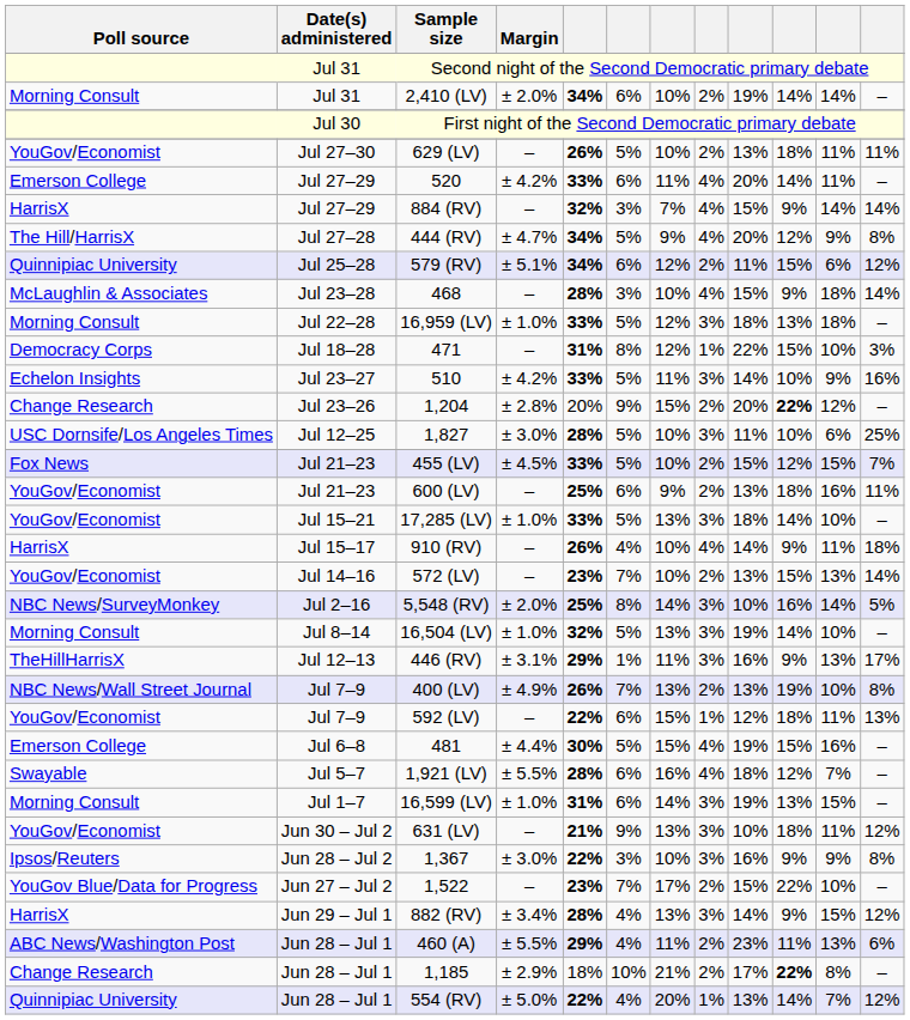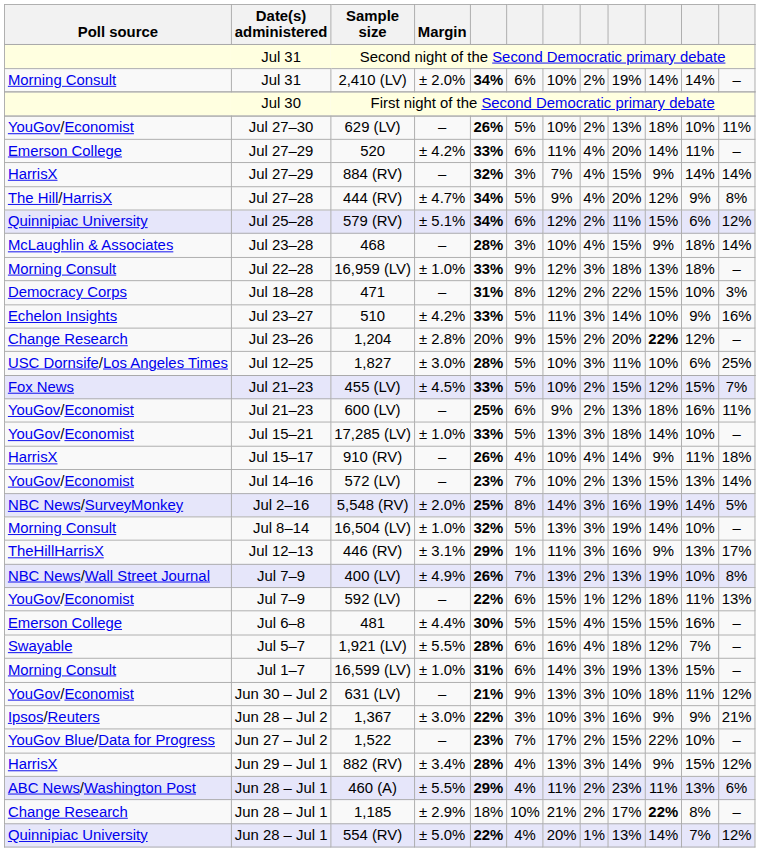 <table class="wikitable sortable" style="text-align:center;">
 <tr valign=bottom>
 <th style="background-position: right 85%;">Poll source</th>
 <th style="background-position: right 85%;">Date(s)<br>administered</th>
 <th style="background-position: right 85%;">Sample<br>size</th>
 <th style="background-position: right 85%;">Margin<br></th>
 <th></th>
 <th></th>
 <th></th>
 <th></th>
 <th></th>
 <th></th>
 <th></th>
 <th></th>
 </tr>
 <tr>
 </tr>
 <tr style="background:lightyellow;">
 <td style="border-right-style:hidden;"></td>
 <td style="border-right-style:hidden;">Jul 31</td>
 <td colspan=14>Second night of the <a href='#'>Second Democratic primary debate</a></td>
 </tr>
 <tr>
 <td style="text-align:left;"><a href='#'>Morning Consult</a></td>
 <td>Jul 31</td>
 <td>2,410 (LV)</td>
 <td>± 2.0%</td>
 <td><strong>34%</strong></td>
 <td>6%</td>
 <td>10%</td>
 <td>2%</td>
 <td>19%</td>
 <td>14%</td>
 <td>14%</td>
 <td>–</td>
 </tr>
 <tr>
 </tr>
 <tr>
 </tr>
 <tr style="background:lightyellow;">
 <td style="border-right-style:hidden;"></td>
 <td style="border-right-style:hidden;">Jul 30</td>
 <td colspan=14>First night of the <a href='#'>Second Democratic primary debate</a></td>
 </tr>
 <tr>
 </tr>
 <tr>
 <td style="text-align:left;"><a href='#'>YouGov</a>/<a href='#'>Economist</a></td>
 <td>Jul 27–30</td>
 <td>629 (LV)</td>
 <td>–</td>
 <td><strong>26%</strong></td>
 <td>5%</td>
 <td>10%</td>
 <td>2%</td>
 <td>13%</td>
 <td>18%</td>
-<td>11%</td>
+<td>10%</td>
 <td>11%</td>
 </tr>
 <tr>
 <td style="text-align:left;"><a href='#'>Emerson College</a></td>
 <td>Jul 27–29</td>
 <td>520</td>
 <td>± 4.2%</td>
 <td><strong>33%</strong></td>
 <td>6%</td>
 <td>11%</td>
 <td>4%</td>
 <td>20%</td>
 <td>14%</td>
 <td>11%</td>
 <td>–</td>
 </tr>
 <tr>
 <td style="text-align:left;"><a href='#'>HarrisX</a></td>
 <td>Jul 27–29</td>
 <td>884 (RV)</td>
 <td>–</td>
 <td><strong>32%</strong></td>
 <td>3%</td>
 <td>7%</td>
 <td>4%</td>
 <td>15%</td>
 <td>9%</td>
 <td>14%</td>
 <td>14%</td>
 </tr>
 <tr>
 <td style="text-align:left;"><a href='#'>The Hill</a>/<a href='#'>HarrisX</a></td>
 <td>Jul 27–28</td>
 <td>444 (RV)</td>
 <td>± 4.7%</td>
 <td><strong>34%</strong></td>
 <td>5%</td>
 <td>9%</td>
 <td>4%</td>
 <td>20%</td>
 <td>12%</td>
 <td>9%</td>
 <td>8%</td>
 </tr>
 <tr bgcolor=lavender>
 <td style="text-align:left;"><a href='#'>Quinnipiac University</a></td>
 <td>Jul 25–28</td>
 <td>579 (RV)</td>
 <td>± 5.1%</td>
 <td><strong>34%</strong></td>
 <td>6%</td>
 <td>12%</td>
 <td>2%</td>
 <td>11%</td>
 <td>15%</td>
 <td>6%</td>
 <td>12%</td>
 </tr>
 <tr>
 <td style="text-align:left;"><a href='#'>McLaughlin & Associates</a></td>
 <td>Jul 23–28</td>
 <td>468</td>
 <td>–</td>
 <td><strong>28%</strong></td>
 <td>3%</td>
 <td>10%</td>
 <td>4%</td>
 <td>15%</td>
 <td>9%</td>
 <td>18%</td>
 <td>14%</td>
 </tr>
 <tr>
 <td style="text-align:left;"><a href='#'>Morning Consult</a></td>
 <td>Jul 22–28</td>
 <td>16,959 (LV)</td>
 <td>± 1.0%</td>
 <td><strong>33%</strong></td>
-<td>5%</td>
+<td>9%</td>
 <td>12%</td>
 <td>3%</td>
 <td>18%</td>
 <td>13%</td>
 <td>18%</td>
 <td>–</td>
 </tr>
 <tr>
 <td style="text-align:left;"><a href='#'>Democracy Corps</a></td>
 <td>Jul 18–28</td>
 <td>471</td>
 <td>–</td>
 <td><strong>31%</strong></td>
 <td>8%</td>
 <td>12%</td>
-<td>1%</td>
+<td>2%</td>
 <td>22%</td>
 <td>15%</td>
 <td>10%</td>
 <td>3%</td>
 </tr>
 <tr>
 <td style="text-align:left;"><a href='#'>Echelon Insights</a></td>
 <td>Jul 23–27</td>
 <td>510</td>
 <td>± 4.2%</td>
 <td><strong>33%</strong></td>
 <td>5%</td>
 <td>11%</td>
 <td>3%</td>
 <td>14%</td>
 <td>10%</td>
 <td>9%</td>
 <td>16%</td>
 </tr>
 <tr>
 <td style="text-align:left;"><a href='#'>Change Research</a></td>
 <td>Jul 23–26</td>
 <td>1,204</td>
 <td>± 2.8%</td>
 <td>20%</td>
 <td>9%</td>
 <td>15%</td>
 <td>2%</td>
 <td>20%</td>
 <td><strong>22%</strong></td>
 <td>12%</td>
 <td>–</td>
 </tr>
 <tr>
 <td style="text-align:left;"><a href='#'>USC Dornsife</a>/<a href='#'>Los Angeles Times</a></td>
 <td>Jul 12–25</td>
 <td>1,827</td>
 <td>± 3.0%</td>
 <td><strong>28%</strong></td>
 <td>5%</td>
 <td>10%</td>
 <td>3%</td>
 <td>11%</td>
 <td>10%</td>
 <td>6%</td>
 <td>25%</td>
 </tr>
 <tr>
 </tr>
 <tr bgcolor=lavender>
 <td style="text-align:left;"><a href='#'>Fox News</a></td>
 <td>Jul 21–23</td>
 <td>455 (LV)</td>
 <td>± 4.5%</td>
 <td><strong>33%</strong></td>
 <td>5%</td>
 <td>10%</td>
 <td>2%</td>
 <td>15%</td>
 <td>12%</td>
 <td>15%</td>
 <td>7%</td>
 </tr>
 <tr>
 <td style="text-align:left;"><a href='#'>YouGov</a>/<a href='#'>Economist</a></td>
 <td>Jul 21–23</td>
 <td>600 (LV)</td>
 <td>–</td>
 <td><strong>25%</strong></td>
 <td>6%</td>
 <td>9%</td>
 <td>2%</td>
 <td>13%</td>
 <td>18%</td>
 <td>16%</td>
 <td>11%</td>
 </tr>
 <tr>
 <td style="text-align:left;"><a href='#'>YouGov</a>/<a href='#'>Economist</a></td>
 <td>Jul 15–21</td>
 <td>17,285 (LV)</td>
 <td>± 1.0%</td>
 <td><strong>33%</strong></td>
 <td>5%</td>
 <td>13%</td>
 <td>3%</td>
 <td>18%</td>
 <td>14%</td>
 <td>10%</td>
 <td>–</td>
 </tr>
 <tr>
 <td style="text-align:left;"><a href='#'>HarrisX</a></td>
 <td>Jul 15–17</td>
 <td>910 (RV)</td>
 <td>–</td>
 <td><strong>26%</strong></td>
 <td>4%</td>
 <td>10%</td>
 <td>4%</td>
 <td>14%</td>
 <td>9%</td>
 <td>11%</td>
 <td>18%</td>
 </tr>
 <tr>
 <td style="text-align:left;"><a href='#'>YouGov</a>/<a href='#'>Economist</a></td>
 <td>Jul 14–16</td>
 <td>572 (LV)</td>
 <td>–</td>
 <td><strong>23%</strong></td>
 <td>7%</td>
 <td>10%</td>
 <td>2%</td>
 <td>13%</td>
 <td>15%</td>
 <td>13%</td>
 <td>14%</td>
 </tr>
 <tr bgcolor=lavender>
 <td style="text-align:left;"><a href='#'>NBC News</a>/<a href='#'>SurveyMonkey</a></td>
 <td>Jul 2–16</td>
 <td>5,548 (RV)</td>
 <td>± 2.0%</td>
 <td><strong>25%</strong></td>
 <td>8%</td>
 <td>14%</td>
 <td>3%</td>
-<td>10%</td>
 <td>16%</td>
+<td>19%</td>
 <td>14%</td>
 <td>5%</td>
 </tr>
 <tr>
 <td style="text-align:left;"><a href='#'>Morning Consult</a></td>
 <td>Jul 8–14</td>
 <td>16,504 (LV)</td>
 <td>± 1.0%</td>
 <td><strong>32%</strong></td>
 <td>5%</td>
 <td>13%</td>
 <td>3%</td>
 <td>19%</td>
 <td>14%</td>
 <td>10%</td>
 <td>–</td>
 </tr>
 <tr>
 <td style="text-align:left;"><a href='#'>TheHillHarrisX</a></td>
 <td>Jul 12–13</td>
 <td>446 (RV)</td>
 <td>± 3.1%</td>
 <td><strong>29%</strong></td>
 <td>1%</td>
 <td>11%</td>
 <td>3%</td>
 <td>16%</td>
 <td>9%</td>
 <td>13%</td>
 <td>17%</td>
 </tr>
 <tr bgcolor=lavender>
 <td style="text-align:left;"><a href='#'>NBC News</a>/<a href='#'>Wall Street Journal</a></td>
 <td>Jul 7–9</td>
 <td>400 (LV)</td>
 <td>± 4.9%</td>
 <td><strong>26%</strong></td>
 <td>7%</td>
 <td>13%</td>
 <td>2%</td>
 <td>13%</td>
 <td>19%</td>
 <td>10%</td>
 <td>8%</td>
 </tr>
 <tr>
 <td style="text-align:left;"><a href='#'>YouGov</a>/<a href='#'>Economist</a></td>
 <td>Jul 7–9</td>
 <td>592 (LV)</td>
 <td>–</td>
 <td><strong>22%</strong></td>
 <td>6%</td>
 <td>15%</td>
 <td>1%</td>
 <td>12%</td>
 <td>18%</td>
 <td>11%</td>
 <td>13%</td>
 </tr>
 <tr>
 <td style="text-align:left;"><a href='#'>Emerson College</a></td>
 <td>Jul 6–8</td>
 <td>481</td>
 <td>± 4.4%</td>
 <td><strong>30%</strong></td>
 <td>5%</td>
 <td>15%</td>
 <td>4%</td>
-<td>19%</td>
+<td>15%</td>
 <td>15%</td>
 <td>16%</td>
 <td>–</td>
 </tr>
 <tr>
 <td style="text-align:left;"><a href='#'>Swayable</a></td>
 <td>Jul 5–7</td>
 <td>1,921 (LV)</td>
 <td>± 5.5%</td>
 <td><strong>28%</strong></td>
 <td>6%</td>
 <td>16%</td>
 <td>4%</td>
 <td>18%</td>
 <td>12%</td>
 <td>7%</td>
 <td>–</td>
 </tr>
 <tr>
 <td style="text-align:left;"><a href='#'>Morning Consult</a></td>
 <td>Jul 1–7</td>
 <td>16,599 (LV)</td>
 <td>± 1.0%</td>
 <td><strong>31%</strong></td>
 <td>6%</td>
 <td>14%</td>
 <td>3%</td>
 <td>19%</td>
 <td>13%</td>
 <td>15%</td>
 <td>–</td>
 </tr>
 <tr>
 <td style="text-align:left;"><a href='#'>YouGov</a>/<a href='#'>Economist</a></td>
 <td>Jun 30 – Jul 2</td>
 <td>631 (LV)</td>
 <td>–</td>
 <td><strong>21%</strong></td>
 <td>9%</td>
 <td>13%</td>
 <td>3%</td>
 <td>10%</td>
 <td>18%</td>
 <td>11%</td>
 <td>12%</td>
 </tr>
 <tr>
 <td style="text-align:left;"><a href='#'>Ipsos</a>/<a href='#'>Reuters</a></td>
 <td>Jun 28 – Jul 2</td>
 <td>1,367</td>
 <td>± 3.0%</td>
 <td><strong>22%</strong></td>
 <td>3%</td>
 <td>10%</td>
 <td>3%</td>
 <td>16%</td>
 <td>9%</td>
 <td>9%</td>
-<td>8%</td>
+<td>21%</td>
 </tr>
 <tr>
 <td style="text-align:left;"><a href='#'>YouGov Blue</a>/<a href='#'>Data for Progress</a></td>
 <td>Jun 27 – Jul 2</td>
 <td>1,522</td>
 <td>–</td>
 <td><strong>23%</strong></td>
 <td>7%</td>
 <td>17%</td>
 <td>2%</td>
 <td>15%</td>
 <td>22%</td>
 <td>10%</td>
 <td>–</td>
 </tr>
 <tr>
 <td style="text-align:left;"><a href='#'>HarrisX</a></td>
 <td>Jun 29 – Jul 1</td>
 <td>882 (RV)</td>
 <td>± 3.4%</td>
 <td><strong>28%</strong></td>
 <td>4%</td>
 <td>13%</td>
 <td>3%</td>
 <td>14%</td>
 <td>9%</td>
 <td>15%</td>
 <td>12%</td>
 </tr>
 <tr bgcolor=lavender>
 <td style="text-align:left;"><a href='#'>ABC News</a>/<a href='#'>Washington Post</a></td>
 <td>Jun 28 – Jul 1</td>
 <td>460 (A)</td>
 <td>± 5.5%</td>
 <td><strong>29%</strong></td>
 <td>4%</td>
 <td>11%</td>
 <td>2%</td>
 <td>23%</td>
 <td>11%</td>
 <td>13%</td>
 <td>6%</td>
 </tr>
 <tr>
 <td style="text-align:left;"><a href='#'>Change Research</a></td>
 <td>Jun 28 – Jul 1</td>
 <td>1,185</td>
 <td>± 2.9%</td>
 <td>18%</td>
 <td>10%</td>
 <td>21%</td>
 <td>2%</td>
 <td>17%</td>
 <td><strong>22%</strong></td>
 <td>8%</td>
 <td>–</td>
 </tr>
 <tr bgcolor=lavender>
 <td style="text-align:left;"><a href='#'>Quinnipiac University</a></td>
 <td>Jun 28 – Jul 1</td>
 <td>554 (RV)</td>
 <td>± 5.0%</td>
 <td><strong>22%</strong></td>
 <td>4%</td>
 <td>20%</td>
 <td>1%</td>
 <td>13%</td>
 <td>14%</td>
 <td>7%</td>
 <td>12%</td>
 </tr>
 </table>
